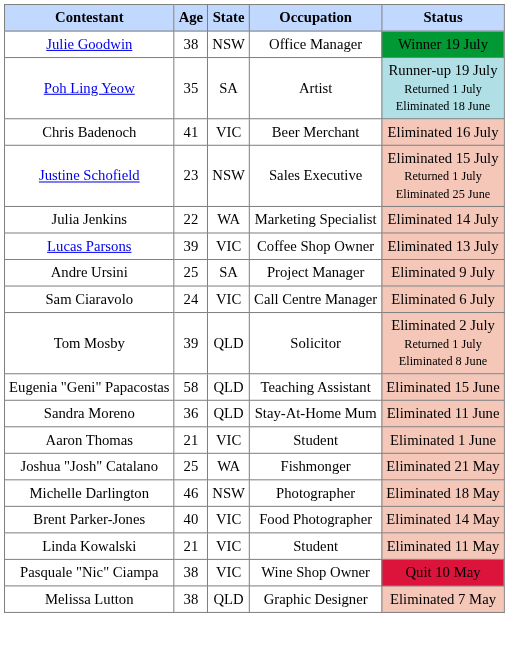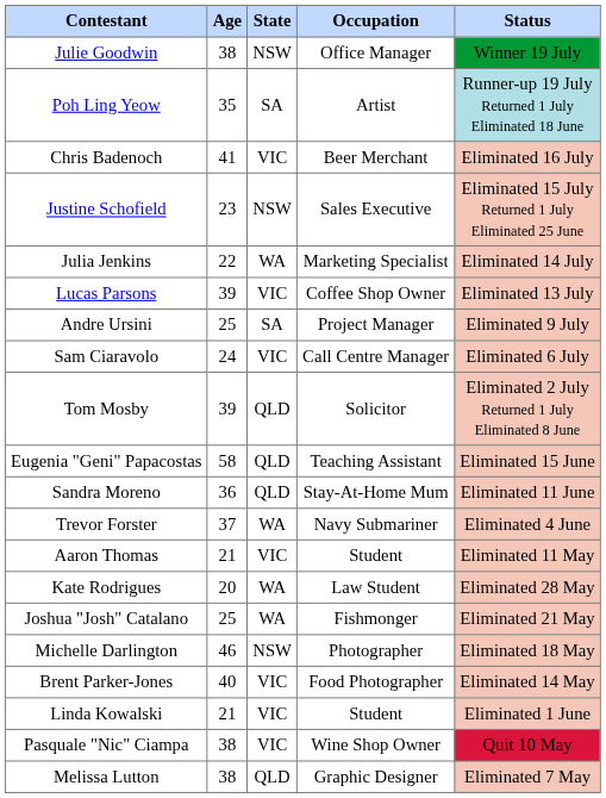 <table class="sortable" border="1" cellpadding="4" cellspacing="0" style="text-align:center; font-size:90%; border-collapse:collapse;">
 <tr style="background:#C1D8FF;">
 <th>Contestant</th>
 <th>Age</th>
 <th>State</th>
 <th>Occupation</th>
 <th>Status</th>
 </tr>
 <tr>
 <td><a href='#'>Julie Goodwin</a></td>
 <td>38</td>
 <td>NSW</td>
 <td>Office Manager</td>
 <td style="background:#093;"><span>Winner 19 July </span></td>
 </tr>
 <tr>
 <td><a href='#'>Poh Ling Yeow</a></td>
 <td>35</td>
 <td>SA</td>
 <td>Artist</td>
 <td style="background:#B0E0E6; text-align:center;">Runner-up 19 July<br><small>Returned 1 July</small><br><small>Eliminated 18 June</small></td>
 </tr>
 <tr>
 <td>Chris Badenoch</td>
 <td>41</td>
 <td>VIC</td>
 <td>Beer Merchant</td>
 <td style="background:#f4c7b8; text-align:center;">Eliminated 16 July</td>
 </tr>
 <tr>
 <td><a href='#'>Justine Schofield</a></td>
 <td>23</td>
 <td>NSW</td>
 <td>Sales Executive</td>
 <td style="background:#f4c7b8; text-align:center;">Eliminated 15 July<br><small>Returned 1 July</small><br><small>Eliminated 25 June</small></td>
 </tr>
 <tr>
 <td>Julia Jenkins</td>
 <td>22</td>
 <td>WA</td>
 <td>Marketing Specialist</td>
 <td style="background:#f4c7b8; text-align:center;">Eliminated 14 July</td>
 </tr>
 <tr>
 <td><a href='#'>Lucas Parsons</a></td>
 <td>39</td>
 <td>VIC</td>
 <td>Coffee Shop Owner</td>
 <td style="background:#f4c7b8; text-align:center;">Eliminated 13 July</td>
 </tr>
 <tr>
 <td>Andre Ursini</td>
 <td>25</td>
 <td>SA</td>
 <td>Project Manager</td>
 <td style="background:#f4c7b8; text-align:center;">Eliminated 9 July</td>
 </tr>
 <tr>
 <td>Sam Ciaravolo</td>
 <td>24</td>
 <td>VIC</td>
 <td>Call Centre Manager</td>
 <td style="background:#f4c7b8; text-align:center;">Eliminated 6 July</td>
 </tr>
 <tr>
 <td>Tom Mosby</td>
 <td>39</td>
 <td>QLD</td>
 <td>Solicitor</td>
 <td style="background:#f4c7b8; text-align:center;">Eliminated 2 July<br><small>Returned 1 July</small><br><small>Eliminated 8 June</small></td>
 </tr>
 <tr>
 <td>Eugenia "Geni" Papacostas</td>
 <td>58</td>
 <td>QLD</td>
 <td>Teaching Assistant</td>
 <td style="background:#f4c7b8; text-align:center;">Eliminated 15 June</td>
 </tr>
 <tr>
 <td>Sandra Moreno</td>
 <td>36</td>
 <td>QLD</td>
 <td>Stay-At-Home Mum</td>
 <td style="background:#f4c7b8; text-align:center;">Eliminated 11 June</td>
 </tr>
 <tr>
+<td>Trevor Forster</td>
+<td>37</td>
+<td>WA</td>
+<td>Navy Submariner</td>
+<td style="background:#f4c7b8; text-align:center;">Eliminated 4 June</td>
+</tr>
+<tr>
 <td>Aaron Thomas</td>
 <td>21</td>
 <td>VIC</td>
 <td>Student</td>
-<td style="background:#f4c7b8; text-align:center;">Eliminated 1 June</td>
+<td style="background:#f4c7b8; text-align:center;">Eliminated 11 May</td>
+</tr>
+<tr>
+<td>Kate Rodrigues</td>
+<td>20</td>
+<td>WA</td>
+<td>Law Student</td>
+<td style="background:#f4c7b8;"><span>Eliminated 28 May</span></td>
 </tr>
 <tr>
 <td>Joshua "Josh" Catalano</td>
 <td>25</td>
 <td>WA</td>
 <td>Fishmonger</td>
 <td style="background:#f4c7b8; text-align:center;">Eliminated 21 May</td>
 </tr>
 <tr>
 <td>Michelle Darlington</td>
 <td>46</td>
 <td>NSW</td>
 <td>Photographer</td>
 <td style="background:#f4c7b8; text-align:center;">Eliminated 18 May</td>
 </tr>
 <tr>
 <td>Brent Parker-Jones</td>
 <td>40</td>
 <td>VIC</td>
 <td>Food Photographer</td>
 <td style="background:#f4c7b8; text-align:center;">Eliminated 14 May</td>
 </tr>
 <tr>
 <td>Linda Kowalski</td>
 <td>21</td>
 <td>VIC</td>
 <td>Student</td>
-<td style="background:#f4c7b8; text-align:center;">Eliminated 11 May</td>
+<td style="background:#f4c7b8; text-align:center;">Eliminated 1 June</td>
 </tr>
 <tr>
 <td>Pasquale "Nic" Ciampa</td>
 <td>38</td>
 <td>VIC</td>
 <td>Wine Shop Owner</td>
 <td style="background:crimson;"><span>Quit 10 May</span></td>
 </tr>
 <tr>
 <td>Melissa Lutton</td>
 <td>38</td>
 <td>QLD</td>
 <td>Graphic Designer</td>
 <td style="background:#f4c7b8; text-align:center;">Eliminated 7 May</td>
 </tr>
 </table>
